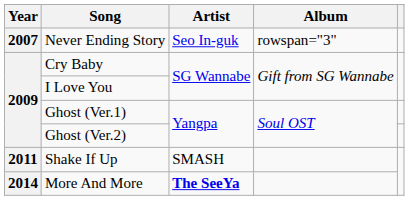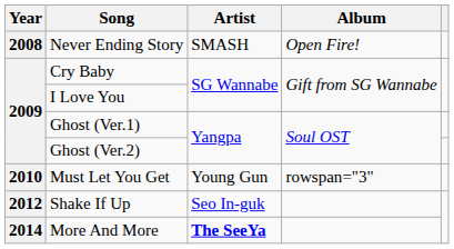 <table class="wikitable plainrowheaders">
 <tr>
 <th scope="col">Year</th>
 <th scope="col">Song</th>
 <th scope="col">Artist</th>
 <th scope="col">Album</th>
 <th scope="col" class="unsortable"></th>
 </tr>
 <tr>
-<th scope="row">2007</th>
+<th scope="row">2008</th>
 <td>Never Ending Story</td>
-<td><a href='#'>Seo In-guk</a></td>
-<td>rowspan="3" </td>
+<td>SMASH</td>
+<td><em>Open Fire!</em></td>
 <td style="text-align:center"></td>
 </tr>
 <tr>
 <th rowspan="4" scope="row">2009</th>
 <td>Cry Baby</td>
 <td rowspan="2"><a href='#'>SG Wannabe</a></td>
 <td rowspan="2"><em>Gift from SG Wannabe</em></td>
 <td style="text-align:center" rowspan="2"></td>
 </tr>
 <tr>
 <td>I Love You</td>
 </tr>
 <tr>
 <td>Ghost (Ver.1)</td>
 <td rowspan="2"><a href='#'>Yangpa</a></td>
 <td rowspan="2"><em><a href='#'>Soul OST</a></em></td>
 <td style="text-align:center"></td>
 </tr>
 <tr>
 <td>Ghost (Ver.2)</td>
 <td style="text-align:center"></td>
 </tr>
 <tr>
-<th scope="row">2011</th>
+<th scope="row">2010</th>
+<td>Must Let You Get</td>
+<td Young Gun>Young Gun</td>
+<td>rowspan="3" </td>
+<td style="text-align:center"></td>
+</tr>
+<tr>
+<th scope="row">2012</th>
 <td>Shake If Up</td>
-<td>SMASH</td>
+<td><a href='#'>Seo In-guk</a></td>
 <td style="text-align:center"></td>
 </tr>
 <tr>
 <th scope="row">2014</th>
 <td>More And More</td>
 <td><strong><a href='#'>The SeeYa</a></strong></td>
 <td style="text-align:center"></td>
 </tr>
 </table>
